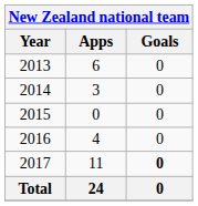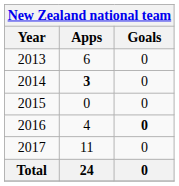 <table class="wikitable" style="text-align:center">
 <tr>
 <th colspan=3><a href='#'>New Zealand national team</a></th>
 </tr>
 <tr>
 <th>Year</th>
 <th>Apps</th>
 <th>Goals</th>
 </tr>
 <tr>
 <td>2013</td>
 <td>6</td>
 <td>0</td>
 </tr>
 <tr>
 <td>2014</td>
-<td>3</td>
+<td><strong>3</strong></td>
 <td>0</td>
 </tr>
 <tr>
 <td>2015</td>
 <td>0</td>
 <td>0</td>
 </tr>
 <tr>
 <td>2016</td>
 <td>4</td>
-<td>0</td>
+<td><strong>0</strong></td>
 </tr>
 <tr>
 <td>2017</td>
 <td>11</td>
-<td><strong>0</strong></td>
+<td>0</td>
 </tr>
 <tr>
 <th>Total</th>
 <th>24</th>
 <th>0</th>
 </tr>
 <tr>
 </tr>
 </table>
